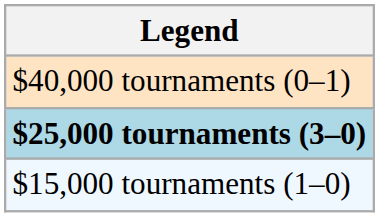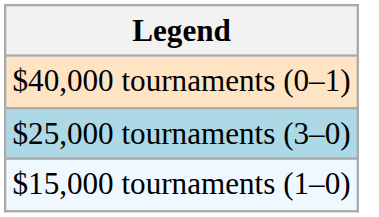 <table class=wikitable style="font-size:85%;">
 <tr>
 <th>Legend</th>
 </tr>
 <tr style="background:#ffe4c4;">
 <td>$40,000 tournaments (0–1)</td>
 </tr>
 <tr style="background:lightblue;">
-<td><strong>$25,000 tournaments (3–0)</strong></td>
+<td>$25,000 tournaments (3–0)</td>
 </tr>
 <tr style="background:#f0f8ff;">
 <td>$15,000 tournaments (1–0)</td>
 </tr>
 </table>
